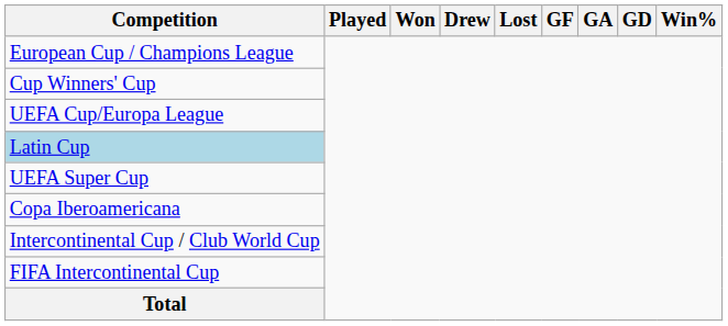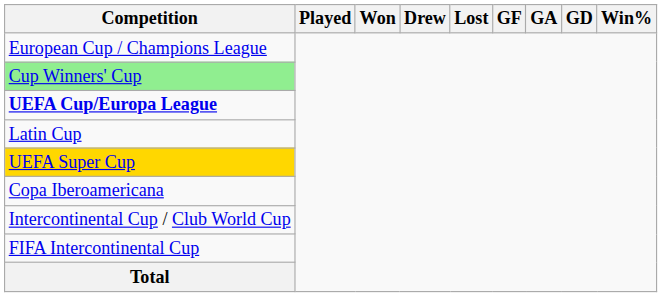 <table class="wikitable sortable" style="text-align:center">
 <tr>
 <th>Competition</th>
 <th>Played</th>
 <th>Won</th>
 <th>Drew</th>
 <th>Lost</th>
 <th>GF</th>
 <th>GA</th>
 <th>GD</th>
 <th>Win%</th>
 </tr>
 <tr>
 <td align=left><a href='#'>European Cup / Champions League</a><br></td>
 </tr>
 <tr>
-<td align=left><a href='#'>Cup Winners' Cup</a><br></td>
+<td align=left style="background: lightgreen;"><a href='#'>Cup Winners' Cup</a><br></td>
 </tr>
 <tr>
-<td align=left><a href='#'>UEFA Cup/Europa League</a><br></td>
+<td align=left><strong><a href='#'>UEFA Cup/Europa League</a><br></strong></td>
 </tr>
 <tr>
-<td align=left style="background: lightblue;"><a href='#'>Latin Cup</a><br></td>
+<td align=left><a href='#'>Latin Cup</a><br></td>
 </tr>
 <tr>
-<td align=left><a href='#'>UEFA Super Cup</a><br></td>
+<td align=left style="background: gold;"><a href='#'>UEFA Super Cup</a><br></td>
 </tr>
 <tr>
 <td align=left><a href='#'>Copa Iberoamericana</a><br></td>
 </tr>
 <tr>
 <td align=left><a href='#'>Intercontinental Cup</a> / <a href='#'>Club World Cup</a><br></td>
 </tr>
 <tr>
 <td align=left><a href='#'>FIFA Intercontinental Cup</a><br></td>
 </tr>
 <tr>
 <th>Total<br></th>
 </tr>
 </table>
